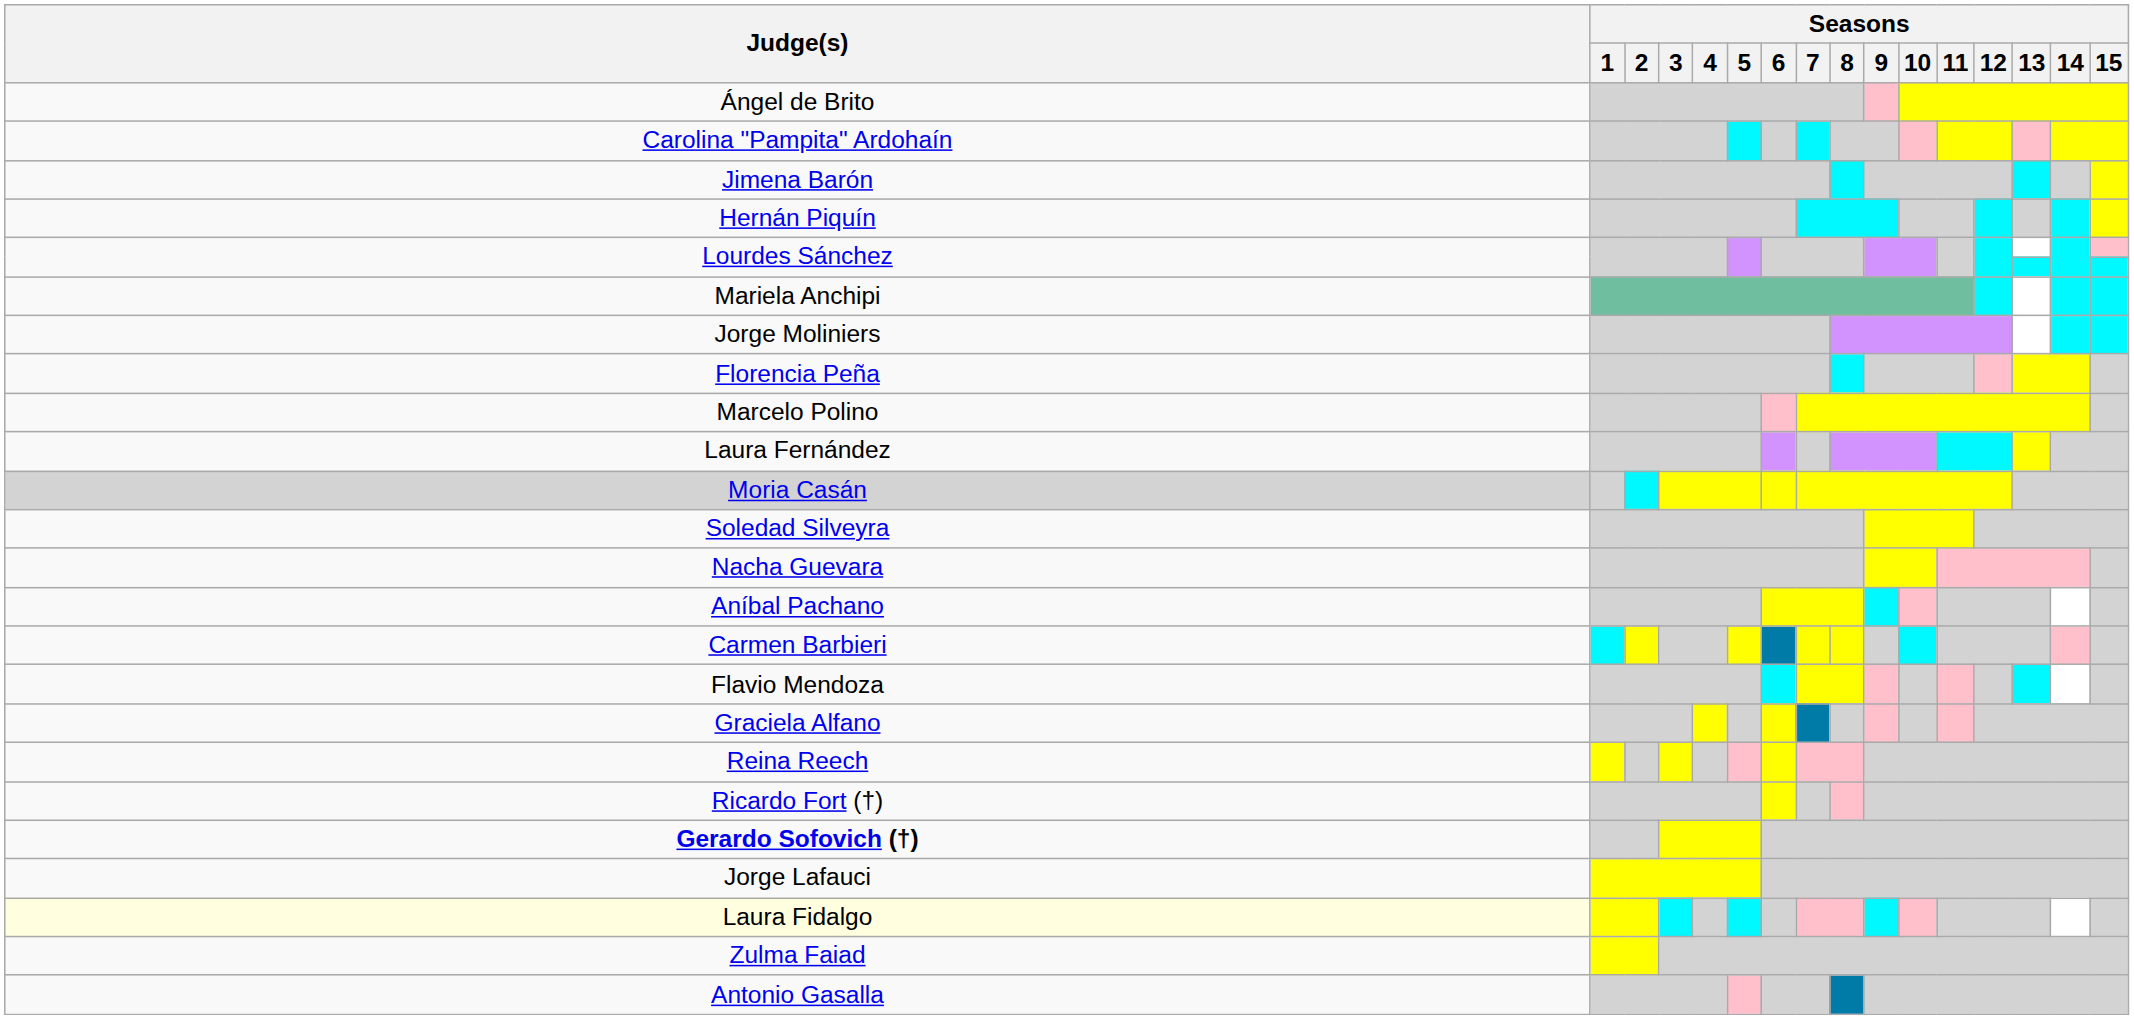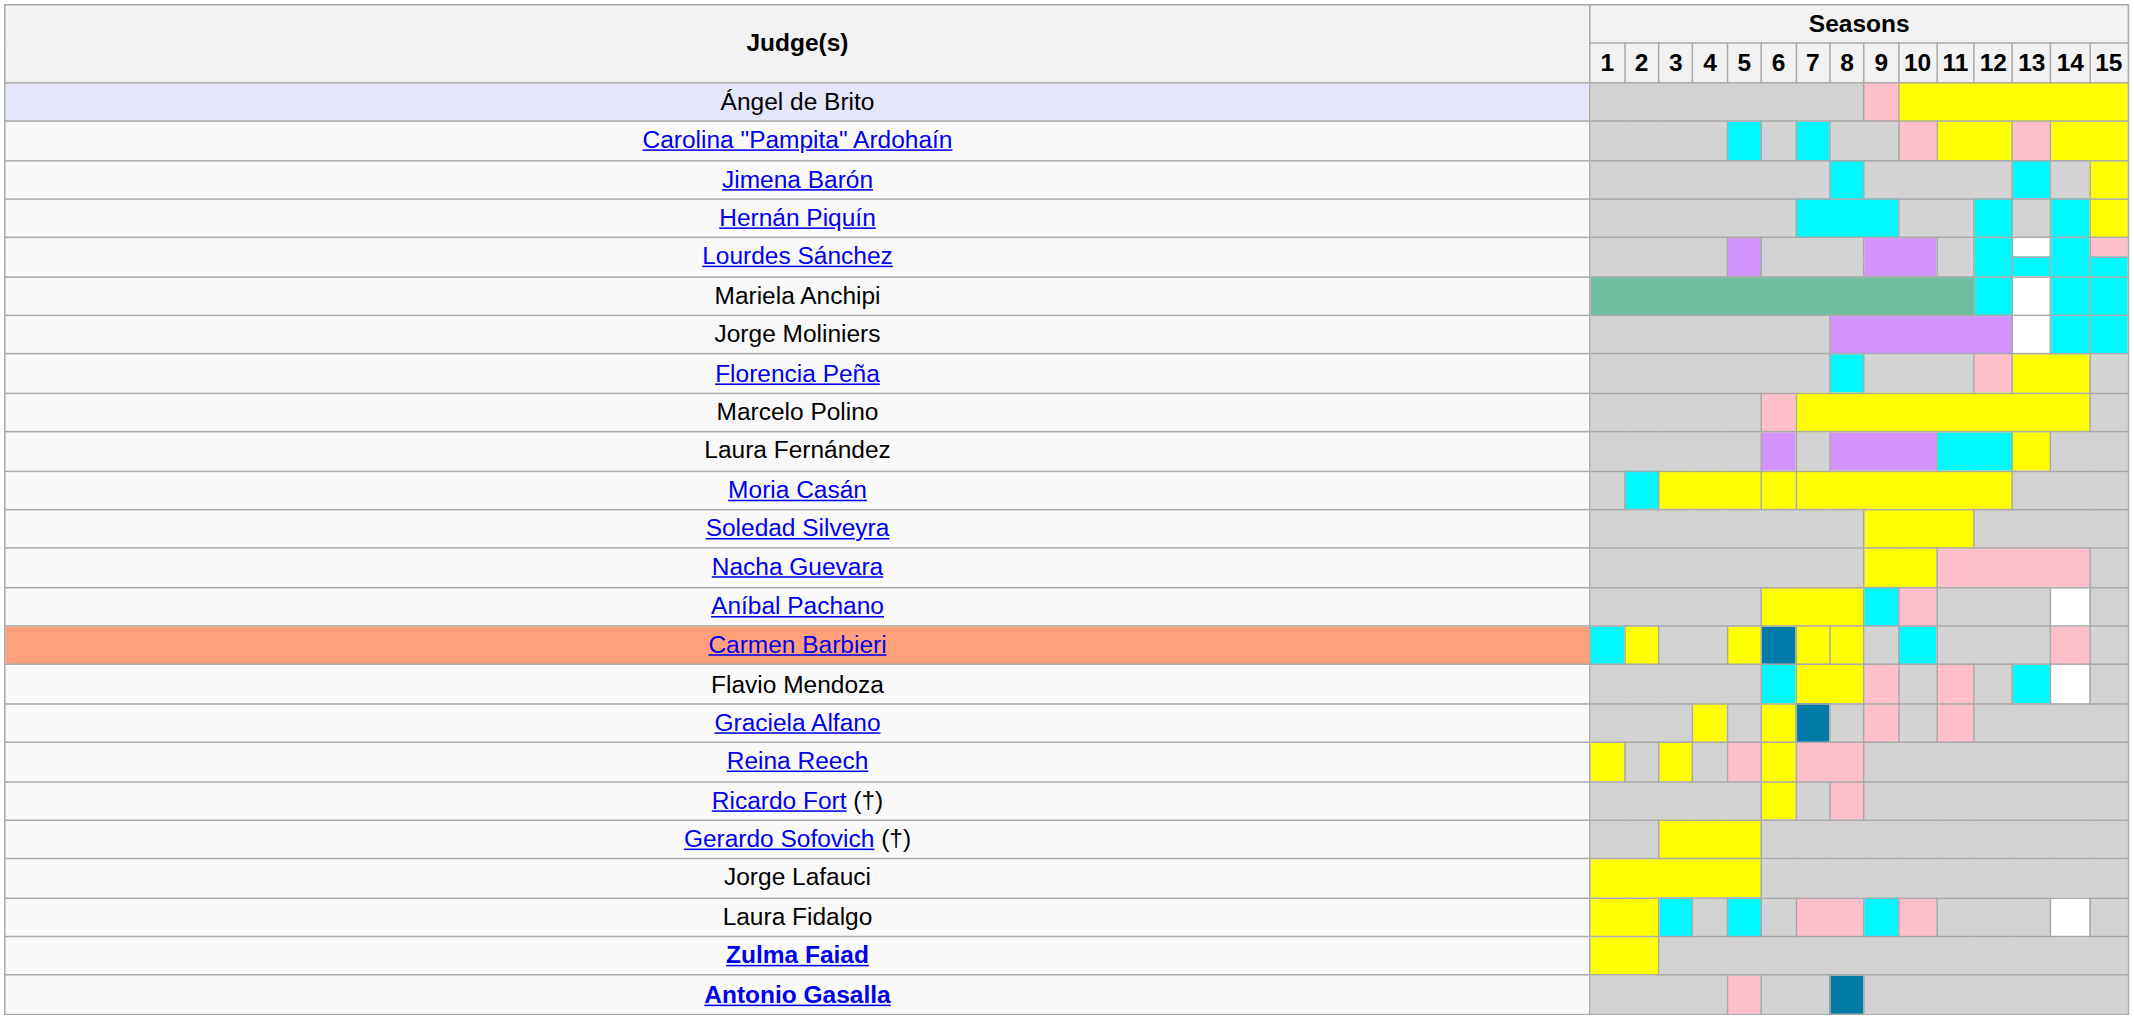 <table class="wikitable" style="margin:left; text-align:center; font-size:100%; width: 70%">
 <tr>
 <th rowspan="2">Judge(s)</th>
 <th colspan="15" style="text-align:center">Seasons</th>
 </tr>
 <tr>
 <th width="15">1</th>
 <th width="15">2</th>
 <th width="15">3</th>
 <th width="15">4</th>
 <th width="15">5</th>
 <th width="15">6</th>
 <th width="15">7</th>
 <th width="15">8</th>
 <th width="15">9</th>
 <th width="15">10</th>
 <th width="15">11</th>
 <th width="15">12</th>
 <th width="15">13</th>
 <th width="15">14</th>
 <th width="15">15</th>
 </tr>
 <tr>
-<td>Ángel de Brito</td>
+<td style="background: lavender;">Ángel de Brito</td>
 <td colspan="8" style=background:lightgrey></td>
 <td style=background:pink></td>
 <td colspan="6" style=background:yellow></td>
 </tr>
 <tr>
 <td><a href='#'>Carolina "Pampita" Ardohaín</a></td>
 <td colspan="4" style=background:lightgrey></td>
 <td style=background:#00f9ff></td>
 <td style=background:lightgrey></td>
 <td style=background:#00f9ff></td>
 <td colspan="2" style=background:lightgrey></td>
 <td style=background:pink></td>
 <td colspan="2" style=background:yellow></td>
 <td style=background:pink></td>
 <td colspan="2" style=background:yellow></td>
 </tr>
 <tr>
 <td><a href='#'>Jimena Barón</a></td>
 <td colspan="7" style=background:lightgrey></td>
 <td style=background:#00f9ff></td>
 <td colspan="4" style=background:lightgrey></td>
 <td style=background:#00f9ff></td>
 <td style=background:lightgrey></td>
 <td style=background:yellow></td>
 </tr>
 <tr>
 <td><a href='#'>Hernán Piquín</a></td>
 <td colspan="6" style=background:lightgrey></td>
 <td colspan="3" style=background:#00f9ff></td>
 <td colspan="2" style=background:lightgrey></td>
 <td style=background:#00f9ff></td>
 <td style=background:lightgrey></td>
 <td style=background:#00f9ff></td>
 <td style=background:yellow></td>
 </tr>
 <tr>
 <td rowspan="2"><a href='#'>Lourdes Sánchez</a></td>
 <td colspan="4" rowspan="2" style=background:lightgrey></td>
 <td rowspan="2" style=background:#d293ff></td>
 <td colspan="3" rowspan="2" style=background:lightgrey></td>
 <td colspan="2" rowspan="2" style=background:#d293ff></td>
 <td rowspan="2" style=background:lightgrey></td>
 <td rowspan="2" style=background:#00f9ff></td>
 <td style=background:white></td>
 <td rowspan="2" style=background:#00f9ff></td>
 <td style=background:pink></td>
 </tr>
 <tr>
 <td style=background:#00f9ff></td>
 <td style=background:#00f9ff></td>
 </tr>
 <tr>
 <td>Mariela Anchipi</td>
 <td colspan="11" style=background:#6EBE9F></td>
 <td style=background:#00f9ff></td>
 <td style=background:white></td>
 <td style=background:#00f9ff></td>
 <td style=background:#00f9ff></td>
 </tr>
 <tr>
 <td>Jorge Moliniers</td>
 <td colspan="7" style=background:lightgrey></td>
 <td colspan="5" style=background:#d293ff></td>
 <td style=background:white></td>
 <td style=background:#00f9ff></td>
 <td style=background:#00f9ff></td>
 </tr>
 <tr>
 <td><a href='#'>Florencia Peña</a></td>
 <td colspan="7" style=background:lightgrey></td>
 <td style=background:#00f9ff></td>
 <td colspan="3" style=background:lightgrey></td>
 <td style=background:pink></td>
 <td colspan="2" style=background:yellow></td>
 <td style=background:lightgrey></td>
 </tr>
 <tr>
 <td>Marcelo Polino</td>
 <td colspan="5" style=background:lightgrey></td>
 <td style=background:pink></td>
 <td colspan="8" style=background:yellow></td>
 <td style=background:lightgrey></td>
 </tr>
 <tr>
 <td>Laura Fernández</td>
 <td colspan="5" style=background:lightgrey></td>
 <td style=background:#d293ff></td>
 <td style=background:lightgrey></td>
 <td colspan="3" style=background:#d293ff></td>
 <td colspan="2" style=background:#00f9ff></td>
 <td style=background:yellow></td>
 <td colspan="2" style=background:lightgrey></td>
 </tr>
 <tr>
-<td style="background: lightgrey;"><a href='#'>Moria Casán</a></td>
+<td><a href='#'>Moria Casán</a></td>
 <td style=background:lightgrey></td>
 <td style=background:#00f9ff></td>
 <td colspan="3" style=background:yellow></td>
 <td style=background:yellow></td>
 <td colspan="6" style=background:yellow></td>
 <td colspan="3" style=background:lightgrey></td>
 </tr>
 <tr>
 <td><a href='#'>Soledad Silveyra</a></td>
 <td colspan="8" style=background:lightgrey></td>
 <td colspan="3" style=background:yellow></td>
 <td colspan="4" style=background:lightgrey></td>
 </tr>
 <tr>
 <td><a href='#'>Nacha Guevara</a></td>
 <td colspan="8" style=background:lightgrey></td>
 <td colspan="2" style=background:yellow></td>
 <td colspan="4" style=background:pink></td>
 <td style=background:lightgrey></td>
 </tr>
 <tr>
 <td><a href='#'>Aníbal Pachano</a></td>
 <td colspan="5" style=background:lightgrey></td>
 <td colspan="3" style=background:yellow></td>
 <td style=background:#00f9ff></td>
 <td style=background:pink></td>
 <td colspan="3" style=background:lightgrey></td>
 <td style=background:white></td>
 <td style=background:lightgrey></td>
 </tr>
 <tr>
-<td><a href='#'>Carmen Barbieri</a></td>
+<td style="background: lightsalmon;"><a href='#'>Carmen Barbieri</a></td>
 <td style=background:#00f9ff></td>
 <td style=background:yellow></td>
 <td colspan="2" style=background:lightgrey></td>
 <td style=background:yellow></td>
 <td style=background:#007BA7></td>
 <td style=background:yellow></td>
 <td style=background:yellow></td>
 <td style=background:lightgrey></td>
 <td style=background:#00f9ff></td>
 <td colspan="3" style=background:lightgrey></td>
 <td style=background:pink></td>
 <td style=background:lightgrey></td>
 </tr>
 <tr>
 <td>Flavio Mendoza</td>
 <td colspan="5" style=background:lightgrey></td>
 <td style=background:#00f9ff></td>
 <td colspan="2" style=background:yellow></td>
 <td style=background:pink></td>
 <td style=background:lightgrey></td>
 <td style=background:pink></td>
 <td style=background:lightgrey></td>
 <td style=background:#00f9ff></td>
 <td style=background:white></td>
 <td style=background:lightgrey></td>
 </tr>
 <tr>
 <td><a href='#'>Graciela Alfano</a></td>
 <td colspan="3" style=background:lightgrey></td>
 <td style=background:yellow></td>
 <td style=background:lightgrey></td>
 <td style=background:yellow></td>
 <td style=background:#007BA7></td>
 <td style=background:lightgrey></td>
 <td style=background:pink></td>
 <td style=background:lightgrey></td>
 <td style=background:pink></td>
 <td colspan="4" style=background:lightgrey></td>
 </tr>
 <tr>
 <td><a href='#'>Reina Reech</a></td>
 <td style=background:yellow></td>
 <td style=background:lightgrey></td>
 <td style=background:yellow></td>
 <td style=background:lightgrey></td>
 <td style=background:pink></td>
 <td style=background:yellow></td>
 <td colspan="2" style=background:pink></td>
 <td colspan="7" style=background:lightgrey></td>
 </tr>
 <tr>
 <td><a href='#'>Ricardo Fort</a> (†)</td>
 <td colspan="5" style=background:lightgrey></td>
 <td style=background:yellow></td>
 <td style=background:lightgrey></td>
 <td style=background:pink></td>
 <td colspan="7" style=background:lightgrey></td>
 </tr>
 <tr>
-<td><strong><a href='#'>Gerardo Sofovich</a> (†)</strong></td>
+<td><a href='#'>Gerardo Sofovich</a> (†)</td>
 <td colspan="2" style=background:lightgrey></td>
 <td colspan="3" style=background:yellow></td>
 <td colspan="10" style=background:lightgrey></td>
 </tr>
 <tr>
 <td>Jorge Lafauci</td>
 <td colspan="5" style=background:yellow></td>
 <td colspan="10" style=background:lightgrey></td>
 </tr>
 <tr>
-<td style="background: lightyellow;">Laura Fidalgo</td>
+<td>Laura Fidalgo</td>
 <td colspan="2" style=background:yellow></td>
 <td style=background:#00f9ff></td>
 <td style=background:lightgrey></td>
 <td style=background:#00f9ff></td>
 <td style=background:lightgrey></td>
 <td colspan="2" style=background:pink></td>
 <td style=background:#00f9ff></td>
 <td style=background:pink></td>
 <td colspan="3" style=background:lightgrey></td>
 <td style=background:white></td>
 <td style=background:lightgrey></td>
 </tr>
 <tr>
-<td><a href='#'>Zulma Faiad</a></td>
+<td><strong><a href='#'>Zulma Faiad</a></strong></td>
 <td colspan="2" style=background:yellow></td>
 <td colspan="13" style=background:lightgrey></td>
 </tr>
 <tr>
-<td><a href='#'>Antonio Gasalla</a></td>
+<td><strong><a href='#'>Antonio Gasalla</a></strong></td>
 <td colspan="4" style=background:lightgrey></td>
 <td style=background:pink></td>
 <td colspan="2" style=background:lightgrey></td>
 <td style=background:#007BA7></td>
 <td colspan="7" style=background:lightgrey></td>
 </tr>
 </table>
